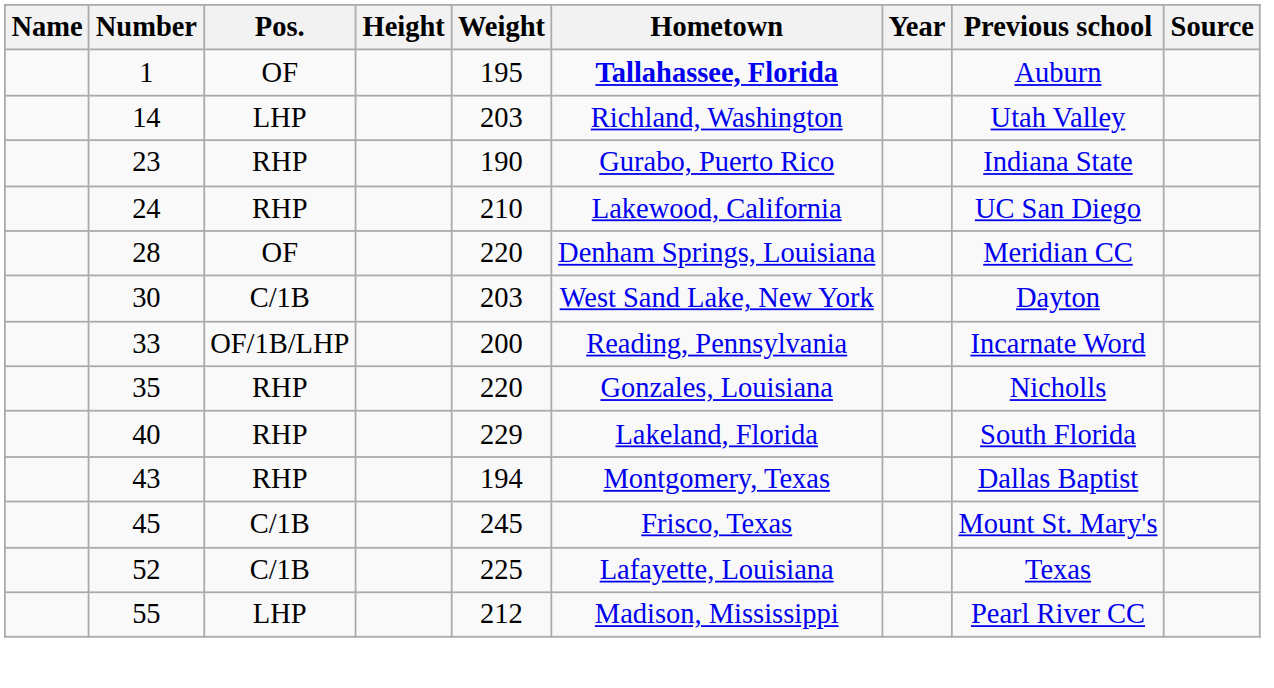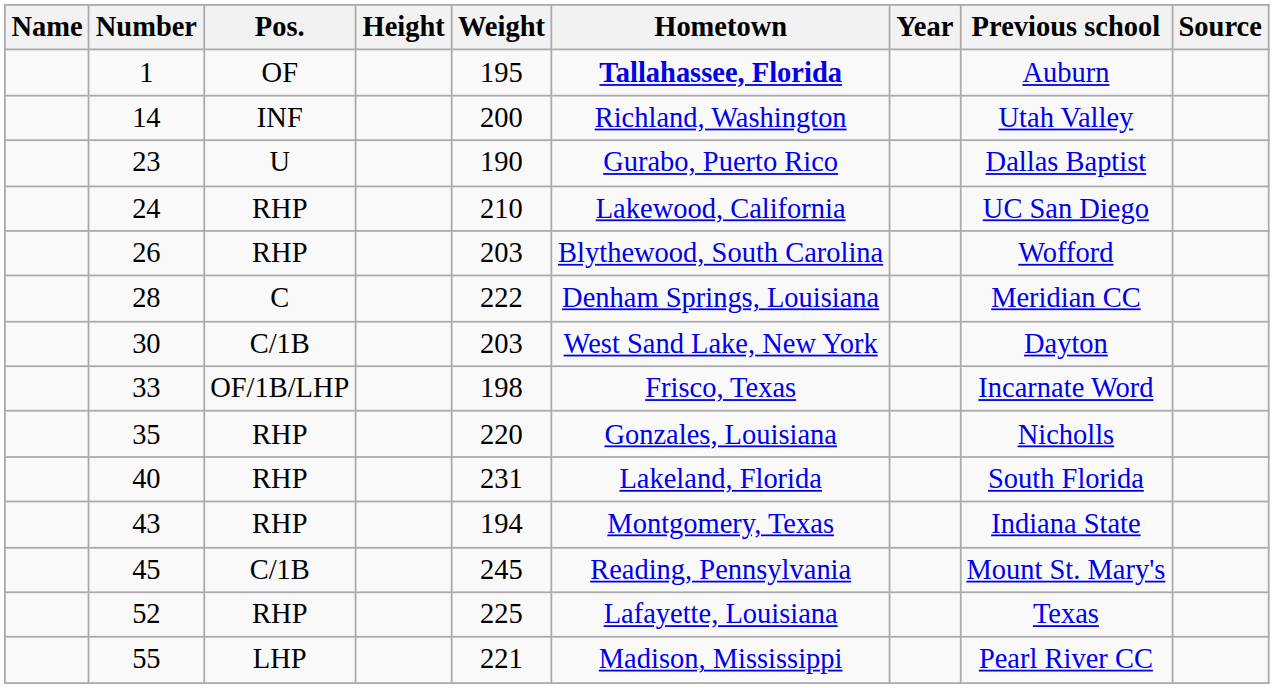 <table class="wikitable sortable sortable" style="text-align: center">
 <tr align=center>
 <th>Name</th>
 <th>Number</th>
 <th>Pos.</th>
 <th>Height</th>
 <th>Weight</th>
 <th>Hometown</th>
 <th>Year</th>
 <th>Previous school</th>
 <th>Source</th>
 </tr>
 <tr>
 <td></td>
 <td>1</td>
 <td>OF</td>
 <td></td>
 <td>195</td>
 <td><strong><a href='#'>Tallahassee, Florida</a></strong></td>
 <td></td>
 <td><a href='#'>Auburn</a></td>
 <td></td>
 </tr>
 <tr>
 <td></td>
 <td>14</td>
-<td>LHP</td>
+<td>INF</td>
 <td></td>
-<td>203</td>
+<td>200</td>
 <td><a href='#'>Richland, Washington</a></td>
 <td></td>
 <td><a href='#'>Utah Valley</a></td>
 <td></td>
 </tr>
 <tr>
 <td></td>
 <td>23</td>
-<td>RHP</td>
+<td>U</td>
 <td></td>
 <td>190</td>
 <td><a href='#'>Gurabo, Puerto Rico</a></td>
 <td></td>
-<td><a href='#'>Indiana State</a></td>
+<td><a href='#'>Dallas Baptist</a></td>
 <td></td>
 </tr>
 <tr>
 <td></td>
 <td>24</td>
 <td>RHP</td>
 <td></td>
 <td>210</td>
 <td><a href='#'>Lakewood, California</a></td>
 <td></td>
 <td><a href='#'>UC San Diego</a></td>
 <td></td>
 </tr>
 <tr>
 <td></td>
+<td>26</td>
+<td>RHP</td>
+<td></td>
+<td>203</td>
+<td><a href='#'>Blythewood, South Carolina</a></td>
+<td></td>
+<td><a href='#'>Wofford</a></td>
+<td></td>
+</tr>
+<tr>
+<td></td>
 <td>28</td>
-<td>OF</td>
+<td>C</td>
 <td></td>
-<td>220</td>
+<td>222</td>
 <td><a href='#'>Denham Springs, Louisiana</a></td>
 <td></td>
 <td><a href='#'>Meridian CC</a></td>
 <td></td>
 </tr>
 <tr>
 <td></td>
 <td>30</td>
 <td>C/1B</td>
 <td></td>
 <td>203</td>
 <td><a href='#'>West Sand Lake, New York</a></td>
 <td></td>
 <td><a href='#'>Dayton</a></td>
 <td></td>
 </tr>
 <tr>
 <td></td>
 <td>33</td>
 <td>OF/1B/LHP</td>
 <td></td>
-<td>200</td>
-<td><a href='#'>Reading, Pennsylvania</a></td>
+<td>198</td>
+<td><a href='#'>Frisco, Texas</a></td>
 <td></td>
 <td><a href='#'>Incarnate Word</a></td>
 <td></td>
 </tr>
 <tr>
 <td></td>
 <td>35</td>
 <td>RHP</td>
 <td></td>
 <td>220</td>
 <td><a href='#'>Gonzales, Louisiana</a></td>
 <td></td>
 <td><a href='#'>Nicholls</a></td>
 <td></td>
 </tr>
 <tr>
 <td></td>
 <td>40</td>
 <td>RHP</td>
 <td></td>
-<td>229</td>
+<td>231</td>
 <td><a href='#'>Lakeland, Florida</a></td>
 <td></td>
 <td><a href='#'>South Florida</a></td>
 <td></td>
 </tr>
 <tr>
 <td></td>
 <td>43</td>
 <td>RHP</td>
 <td></td>
 <td>194</td>
 <td><a href='#'>Montgomery, Texas</a></td>
 <td></td>
-<td><a href='#'>Dallas Baptist</a></td>
+<td><a href='#'>Indiana State</a></td>
 <td></td>
 </tr>
 <tr>
 <td></td>
 <td>45</td>
 <td>C/1B</td>
 <td></td>
 <td>245</td>
-<td><a href='#'>Frisco, Texas</a></td>
+<td><a href='#'>Reading, Pennsylvania</a></td>
 <td></td>
 <td><a href='#'>Mount St. Mary's</a></td>
 <td></td>
 </tr>
 <tr>
 <td></td>
 <td>52</td>
-<td>C/1B</td>
+<td>RHP</td>
 <td></td>
 <td>225</td>
 <td><a href='#'>Lafayette, Louisiana</a></td>
 <td></td>
 <td><a href='#'>Texas</a></td>
 <td></td>
 </tr>
 <tr>
 <td></td>
 <td>55</td>
 <td>LHP</td>
 <td></td>
-<td>212</td>
+<td>221</td>
 <td><a href='#'>Madison, Mississippi</a></td>
 <td></td>
 <td><a href='#'>Pearl River CC</a></td>
 <td></td>
 </tr>
 </table>
